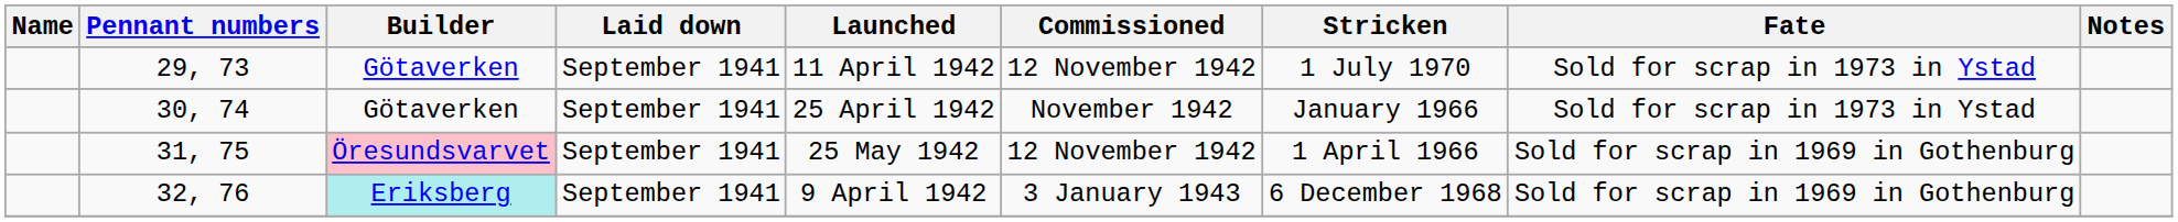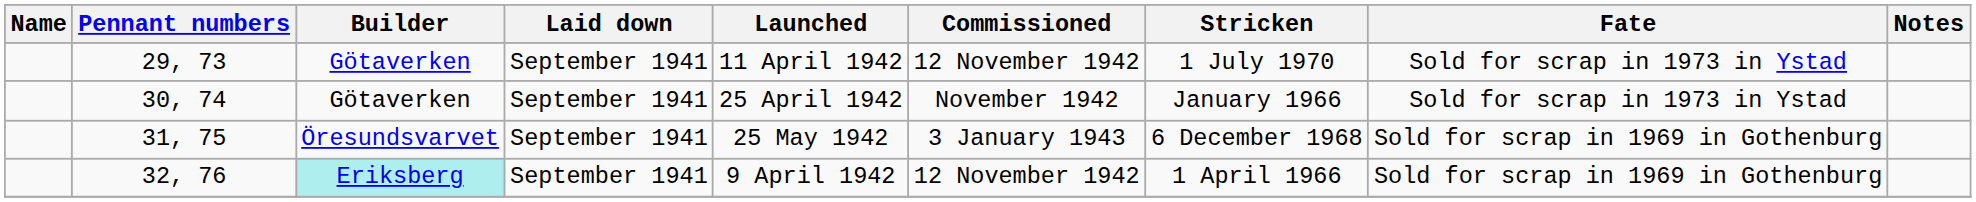 <table class="sortable wikitable">
 <tr>
 <th>Name</th>
 <th><a href='#'>Pennant numbers</a></th>
 <th>Builder</th>
 <th>Laid down</th>
 <th>Launched</th>
 <th>Commissioned</th>
 <th>Stricken</th>
 <th>Fate</th>
 <th>Notes</th>
 </tr>
 <tr>
 <td></td>
 <td align="center">29, 73</td>
 <td align="center"><a href='#'>Götaverken</a></td>
 <td align="center">September 1941</td>
 <td align="center">11 April 1942</td>
 <td align="center">12 November 1942</td>
 <td align="center">1 July 1970</td>
 <td align="center">Sold for scrap in 1973 in <a href='#'>Ystad</a></td>
 <td></td>
 </tr>
 <tr>
 <td></td>
 <td align="center">30, 74</td>
 <td align="center">Götaverken</td>
 <td align="center">September 1941</td>
 <td align="center">25 April 1942</td>
 <td align="center">November 1942</td>
 <td align="center">January 1966</td>
 <td align="center">Sold for scrap in 1973 in Ystad</td>
 <td></td>
 </tr>
 <tr>
 <td></td>
 <td align="center">31, 75</td>
-<td align="center" style="background: pink;"><a href='#'>Öresundsvarvet</a></td>
+<td align="center"><a href='#'>Öresundsvarvet</a></td>
 <td align="center">September 1941</td>
 <td align="center">25 May 1942</td>
-<td align="center">12 November 1942</td>
-<td align="center">1 April 1966</td>
+<td align="center">3 January 1943</td>
+<td align="center">6 December 1968</td>
 <td align="center">Sold for scrap in 1969 in Gothenburg</td>
 <td></td>
 </tr>
 <tr>
 <td></td>
 <td align="center">32, 76</td>
 <td align="center" style="background: paleturquoise;"><a href='#'>Eriksberg</a></td>
 <td align="center">September 1941</td>
 <td align="center">9 April 1942</td>
-<td align="center">3 January 1943</td>
-<td align="center">6 December 1968</td>
+<td align="center">12 November 1942</td>
+<td align="center">1 April 1966</td>
 <td align="center">Sold for scrap in 1969 in Gothenburg</td>
 <td></td>
 </tr>
 <tr>
 </tr>
 </table>
